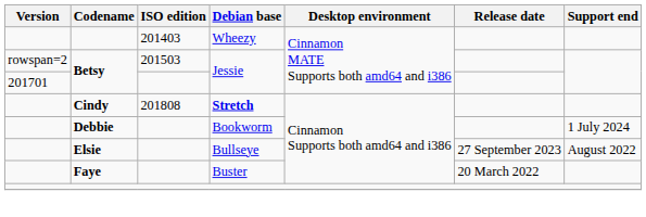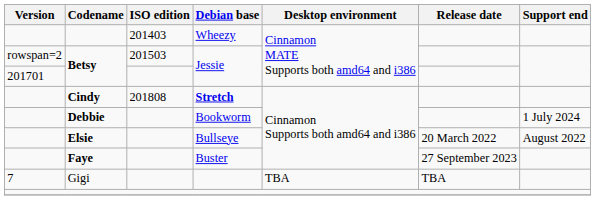 <table class="wikitable sortable mw-collapsible" style="font-size: smaller;">
 <tr>
 <th>Version</th>
 <th>Codename</th>
 <th>ISO edition</th>
 <th><a href='#'>Debian</a> base</th>
 <th>Desktop environment</th>
 <th>Release date</th>
 <th>Support end</th>
 </tr>
 <tr>
 <td></td>
 <td></td>
 <td>201403</td>
 <td><a href='#'>Wheezy </a></td>
 <td rowspan="3"><a href='#'>Cinnamon</a><br><a href='#'>MATE</a><br>Supports both <a href='#'>amd64</a> and <a href='#'>i386</a></td>
 <td></td>
 <td></td>
 </tr>
 <tr>
 <td>rowspan=2 </td>
 <td rowspan="2"><strong>Betsy</strong></td>
 <td>201503</td>
 <td rowspan="2"><a href='#'>Jessie </a></td>
 <td></td>
 <td rowspan="2"></td>
 </tr>
 <tr>
 <td>201701</td>
 <td></td>
 </tr>
 <tr>
 <td></td>
 <td><strong>Cindy</strong></td>
 <td>201808</td>
 <td><strong><a href='#'>Stretch </a></strong></td>
 <td rowspan="4">Cinnamon<br>Supports both amd64 and i386</td>
 <td></td>
 <td></td>
 </tr>
 <tr>
 <td></td>
 <td><strong>Debbie</strong></td>
 <td></td>
 <td><a href='#'>Bookworm </a></td>
 <td></td>
 <td>1 July 2024</td>
 </tr>
 <tr>
 <td></td>
 <td><strong>Elsie</strong></td>
 <td></td>
 <td><a href='#'>Bullseye </a></td>
-<td>27 September 2023</td>
+<td>20 March 2022</td>
 <td>August 2022</td>
 </tr>
 <tr>
 <td></td>
 <td><strong>Faye</strong></td>
 <td></td>
 <td><a href='#'>Buster </a></td>
-<td>20 March 2022</td>
+<td>27 September 2023</td>
+<td></td>
+</tr>
+<tr>
+<td>7</td>
+<td>Gigi</td>
+<td></td>
+<td></td>
+<td>TBA</td>
+<td>TBA</td>
 <td></td>
 </tr>
 <tr>
 <td colspan="7"></td>
 </tr>
 <tr>
 </tr>
 </table>
